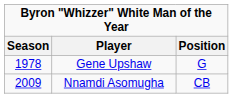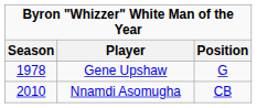 <table class="wikitable sortable" style="text-align:center">
 <tr>
 <td colspan="3"><strong>Byron "Whizzer" White Man of the Year</strong></td>
 </tr>
 <tr>
 <th style="width:50px; ">Season</th>
 <th style="width:160px; ">Player</th>
 <th style="width:50px; ">Position</th>
 </tr>
 <tr>
 <td><a href='#'>1978</a></td>
 <td><a href='#'>Gene Upshaw</a></td>
 <td><a href='#'>G</a></td>
 </tr>
 <tr>
-<td><a href='#'>2009</a></td>
+<td><a href='#'>2010</a></td>
 <td><a href='#'>Nnamdi Asomugha</a></td>
 <td><a href='#'>CB</a></td>
 </tr>
 </table>
